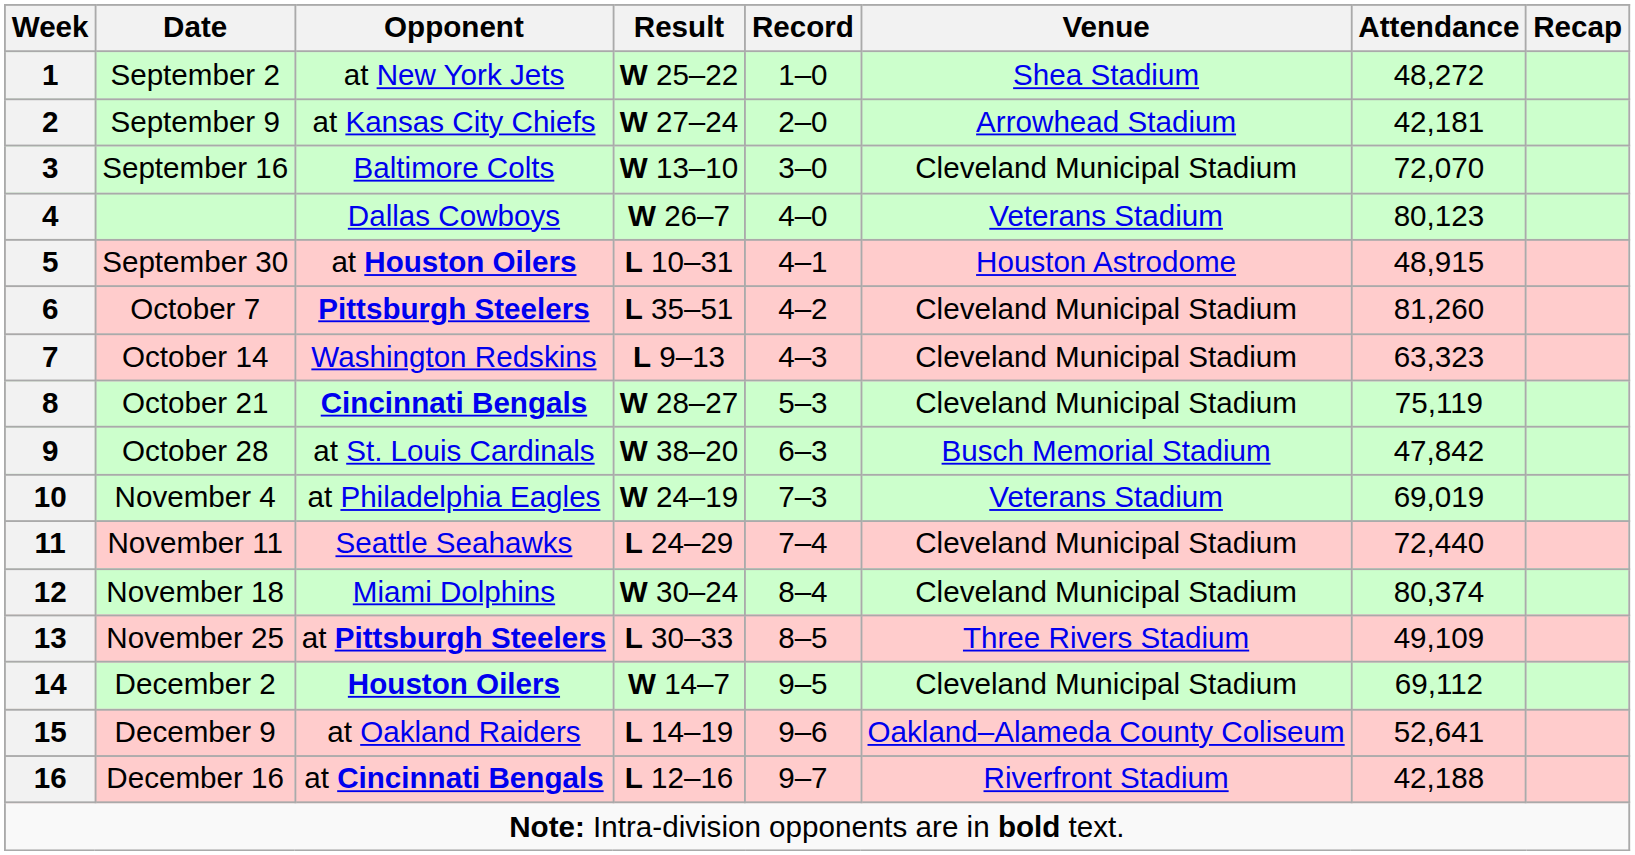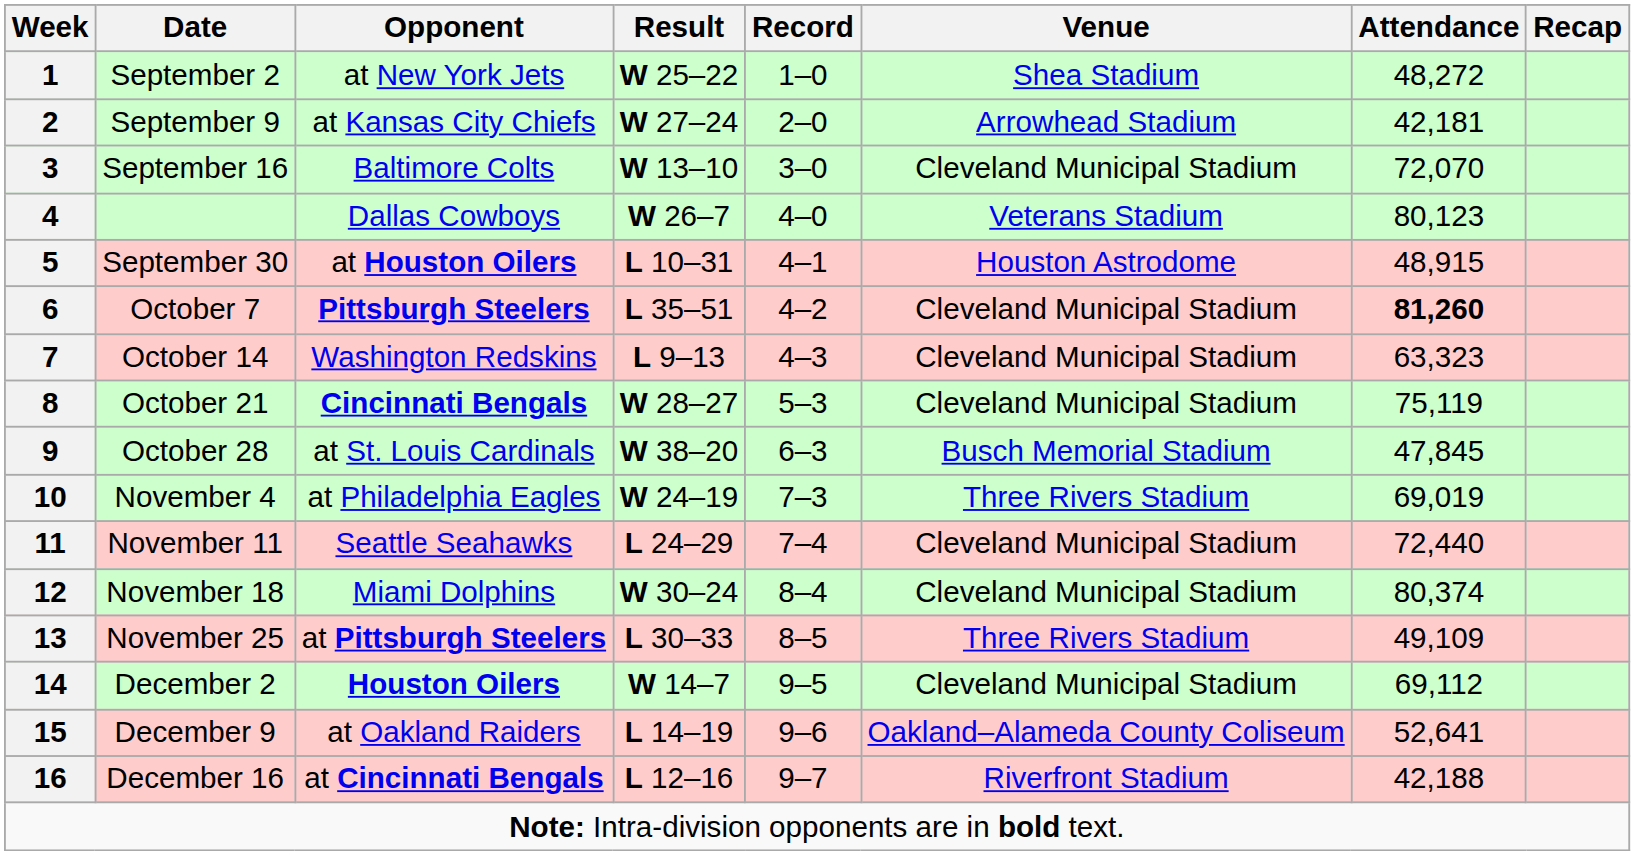 <table class="wikitable" style="text-align:center">
 <tr>
 <th>Week</th>
 <th>Date</th>
 <th>Opponent</th>
 <th>Result</th>
 <th>Record</th>
 <th>Venue</th>
 <th>Attendance</th>
 <th>Recap</th>
 </tr>
 <tr style="background:#cfc">
 <th>1</th>
 <td>September 2</td>
 <td>at <a href='#'>New York Jets</a></td>
 <td><strong>W</strong> 25–22 </td>
 <td>1–0</td>
 <td><a href='#'>Shea Stadium</a></td>
 <td>48,272</td>
 <td></td>
 </tr>
 <tr style="background:#cfc">
 <th>2</th>
 <td>September 9</td>
 <td>at <a href='#'>Kansas City Chiefs</a></td>
 <td><strong>W</strong> 27–24</td>
 <td>2–0</td>
 <td><a href='#'>Arrowhead Stadium</a></td>
 <td>42,181</td>
 <td></td>
 </tr>
 <tr style="background:#cfc">
 <th>3</th>
 <td>September 16</td>
 <td><a href='#'>Baltimore Colts</a></td>
 <td><strong>W</strong> 13–10</td>
 <td>3–0</td>
 <td>Cleveland Municipal Stadium</td>
 <td>72,070</td>
 <td></td>
 </tr>
 <tr style="background:#cfc">
 <th>4</th>
 <td></td>
 <td><a href='#'>Dallas Cowboys</a></td>
 <td><strong>W</strong> 26–7</td>
 <td>4–0</td>
 <td><a href='#'>Veterans Stadium</a></td>
 <td>80,123</td>
 <td></td>
 </tr>
 <tr style="background:#fcc">
 <th>5</th>
 <td>September 30</td>
 <td>at <strong><a href='#'>Houston Oilers</a></strong></td>
 <td><strong>L</strong> 10–31</td>
 <td>4–1</td>
 <td><a href='#'>Houston Astrodome</a></td>
 <td>48,915</td>
 <td></td>
 </tr>
 <tr style="background:#fcc">
 <th>6</th>
 <td>October 7</td>
 <td><strong><a href='#'>Pittsburgh Steelers</a></strong></td>
 <td><strong>L</strong> 35–51</td>
 <td>4–2</td>
 <td>Cleveland Municipal Stadium</td>
-<td>81,260</td>
+<td><strong>81,260</strong></td>
 <td></td>
 </tr>
 <tr style="background:#fcc">
 <th>7</th>
 <td>October 14</td>
 <td><a href='#'>Washington Redskins</a></td>
 <td><strong>L</strong> 9–13</td>
 <td>4–3</td>
 <td>Cleveland Municipal Stadium</td>
 <td>63,323</td>
 <td></td>
 </tr>
 <tr style="background:#cfc">
 <th>8</th>
 <td>October 21</td>
 <td><strong><a href='#'>Cincinnati Bengals</a></strong></td>
 <td><strong>W</strong> 28–27</td>
 <td>5–3</td>
 <td>Cleveland Municipal Stadium</td>
 <td>75,119</td>
 <td></td>
 </tr>
 <tr style="background:#cfc">
 <th>9</th>
 <td>October 28</td>
 <td>at <a href='#'>St. Louis Cardinals</a></td>
 <td><strong>W</strong> 38–20</td>
 <td>6–3</td>
 <td><a href='#'>Busch Memorial Stadium</a></td>
-<td>47,842</td>
+<td>47,845</td>
 <td></td>
 </tr>
 <tr style="background:#cfc">
 <th>10</th>
 <td>November 4</td>
 <td>at <a href='#'>Philadelphia Eagles</a></td>
 <td><strong>W</strong> 24–19</td>
 <td>7–3</td>
-<td><a href='#'>Veterans Stadium</a></td>
+<td><a href='#'>Three Rivers Stadium</a></td>
 <td>69,019</td>
 <td></td>
 </tr>
 <tr style="background:#fcc">
 <th>11</th>
 <td>November 11</td>
 <td><a href='#'>Seattle Seahawks</a></td>
 <td><strong>L</strong> 24–29</td>
 <td>7–4</td>
 <td>Cleveland Municipal Stadium</td>
 <td>72,440</td>
 <td></td>
 </tr>
 <tr style="background:#cfc">
 <th>12</th>
 <td>November 18</td>
 <td><a href='#'>Miami Dolphins</a></td>
 <td><strong>W</strong> 30–24 </td>
 <td>8–4</td>
 <td>Cleveland Municipal Stadium</td>
 <td>80,374</td>
 <td></td>
 </tr>
 <tr style="background:#fcc">
 <th>13</th>
 <td>November 25</td>
 <td>at <strong><a href='#'>Pittsburgh Steelers</a></strong></td>
 <td><strong>L</strong> 30–33 </td>
 <td>8–5</td>
 <td><a href='#'>Three Rivers Stadium</a></td>
 <td>49,109</td>
 <td></td>
 </tr>
 <tr style="background:#cfc">
 <th>14</th>
 <td>December 2</td>
 <td><strong><a href='#'>Houston Oilers</a></strong></td>
 <td><strong>W</strong> 14–7</td>
 <td>9–5</td>
 <td>Cleveland Municipal Stadium</td>
 <td>69,112</td>
 <td></td>
 </tr>
 <tr style="background:#fcc">
 <th>15</th>
 <td>December 9</td>
 <td>at <a href='#'>Oakland Raiders</a></td>
 <td><strong>L</strong> 14–19</td>
 <td>9–6</td>
 <td><a href='#'>Oakland–Alameda County Coliseum</a></td>
 <td>52,641</td>
 <td></td>
 </tr>
 <tr style="background:#fcc">
 <th>16</th>
 <td>December 16</td>
 <td>at <strong><a href='#'>Cincinnati Bengals</a></strong></td>
 <td><strong>L</strong> 12–16</td>
 <td>9–7</td>
 <td><a href='#'>Riverfront Stadium</a></td>
 <td>42,188</td>
 <td></td>
 </tr>
 <tr>
 <td colspan="8"><strong>Note:</strong> Intra-division opponents are in <strong>bold</strong> text.</td>
 </tr>
 </table>
